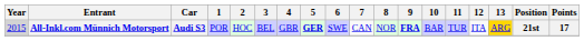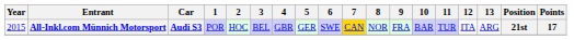 <table class="wikitable" border="1" style="text-align:center; font-size:85%;">
 <tr valign="top">
 <th>Year</th>
 <th>Entrant</th>
 <th>Car</th>
 <th>1</th>
 <th>2</th>
 <th>3</th>
 <th>4</th>
 <th>5</th>
 <th>6</th>
 <th>7</th>
 <th>8</th>
 <th>9</th>
 <th>10</th>
 <th>11</th>
 <th>12</th>
 <th>13</th>
 <th>Position</th>
 <th>Points</th>
 </tr>
 <tr>
-<td style="background: lightgrey;"><a href='#'>2015</a></td>
+<td><a href='#'>2015</a></td>
 <th align="left" nowrap><a href='#'>All-Inkl.com Münnich Motorsport</a></th>
 <th align="left" nowrap><a href='#'>Audi S3</a></th>
 <td style="background:#CFCFFF;"><a href='#'>POR</a><br></td>
 <td style="background:#DFFFDF;"><a href='#'>HOC</a><br></td>
 <td style="background:#CFCFFF;"><a href='#'>BEL</a><br></td>
 <td style="background:#CFCFFF;"><a href='#'>GBR</a><br></td>
-<td style="background:#DFFFDF;"><strong><a href='#'>GER</a><br></strong></td>
+<td style="background:#DFFFDF;"><a href='#'>GER</a><br></td>
 <td style="background:#CFCFFF;"><a href='#'>SWE</a><br></td>
-<td><a href='#'>CAN</a></td>
+<td style="background: gold;"><a href='#'>CAN</a></td>
 <td style="background:#DFFFDF;"><a href='#'>NOR</a><br></td>
-<td style="background:#DFFFDF;"><strong><a href='#'>FRA</a><br></strong></td>
+<td style="background:#DFFFDF;"><a href='#'>FRA</a><br></td>
 <td style="background:#CFCFFF;"><a href='#'>BAR</a><br></td>
 <td style="background:#CFCFFF;"><a href='#'>TUR</a><br></td>
 <td><a href='#'>ITA</a></td>
-<td style="background: gold;"><a href='#'>ARG</a></td>
+<td><a href='#'>ARG</a></td>
 <th>21st</th>
 <th>17</th>
 </tr>
 <tr>
 </tr>
 </table>
